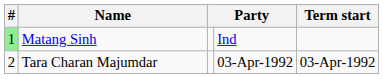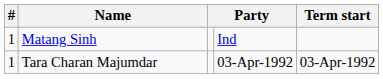 <table class="wikitable">
 <tr>
 <th>#</th>
 <th style="width:200px">Name</th>
 <th colspan="2">Party</th>
 <th>Term start</th>
 </tr>
 <tr>
-<td style="background: lightgreen;">1</td>
+<td>1</td>
 <td><a href='#'>Matang Sinh</a></td>
 <td></td>
 <td><a href='#'>Ind</a></td>
 </tr>
 <tr>
-<td>2</td>
+<td>1</td>
 <td>Tara Charan Majumdar</td>
 <td style="background-color: "></td>
 <td>03-Apr-1992</td>
 <td>03-Apr-1992</td>
 </tr>
 </table>
